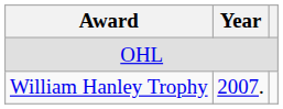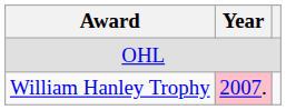 <table class="wikitable">
 <tr>
 <th>Award</th>
 <th>Year</th>
 <th></th>
 </tr>
 <tr ALIGN="center" bgcolor="#e0e0e0">
 <td colspan="3"><a href='#'>OHL</a></td>
 </tr>
 <tr>
 <td><a href='#'>William Hanley Trophy</a></td>
-<td><a href='#'>2007</a>.</td>
+<td style="background: pink;"><a href='#'>2007</a>.</td>
 <td></td>
 </tr>
 </table>
